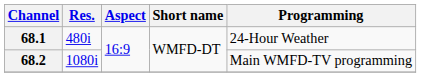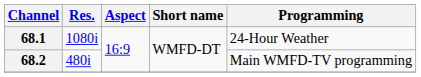 <table class="wikitable">
 <tr>
 <th><a href='#'>Channel</a></th>
 <th><a href='#'>Res.</a></th>
 <th><a href='#'>Aspect</a></th>
 <th>Short name</th>
 <th>Programming</th>
 </tr>
 <tr>
 <th scope = "row">68.1</th>
-<td><a href='#'>480i</a></td>
+<td><a href='#'>1080i</a></td>
 <td rowspan=2><a href='#'>16:9</a></td>
 <td rowspan=2>WMFD-DT</td>
 <td>24-Hour Weather</td>
 </tr>
 <tr>
 <th scope = "row">68.2</th>
-<td><a href='#'>1080i</a></td>
+<td><a href='#'>480i</a></td>
 <td>Main WMFD-TV programming</td>
 </tr>
 <tr>
 </tr>
 </table>
